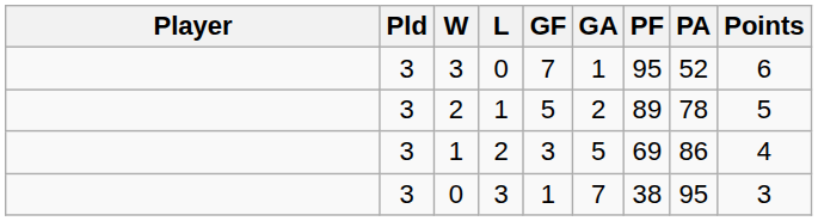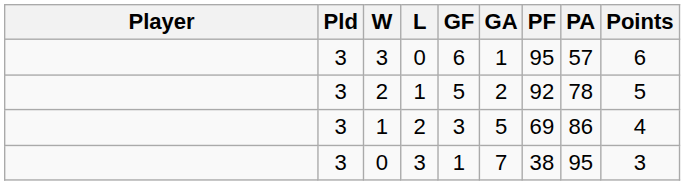 <table class=wikitable style="text-align:center">
 <tr>
 <th width=220>Player</th>
 <th width=20>Pld</th>
 <th width=20>W</th>
 <th width=20>L</th>
 <th width=20>GF</th>
 <th width=20>GA</th>
 <th width=20>PF</th>
 <th width=20>PA</th>
 <th width=50>Points</th>
 </tr>
 <tr>
 <td align=left></td>
 <td>3</td>
 <td>3</td>
 <td>0</td>
-<td>7</td>
+<td>6</td>
 <td>1</td>
 <td>95</td>
-<td>52</td>
+<td>57</td>
 <td>6</td>
 </tr>
 <tr>
 <td align=left></td>
 <td>3</td>
 <td>2</td>
 <td>1</td>
 <td>5</td>
 <td>2</td>
-<td>89</td>
+<td>92</td>
 <td>78</td>
 <td>5</td>
 </tr>
 <tr>
 <td align=left></td>
 <td>3</td>
 <td>1</td>
 <td>2</td>
 <td>3</td>
 <td>5</td>
 <td>69</td>
 <td>86</td>
 <td>4</td>
 </tr>
 <tr>
 <td align=left></td>
 <td>3</td>
 <td>0</td>
 <td>3</td>
 <td>1</td>
 <td>7</td>
 <td>38</td>
 <td>95</td>
 <td>3</td>
 </tr>
 </table>
